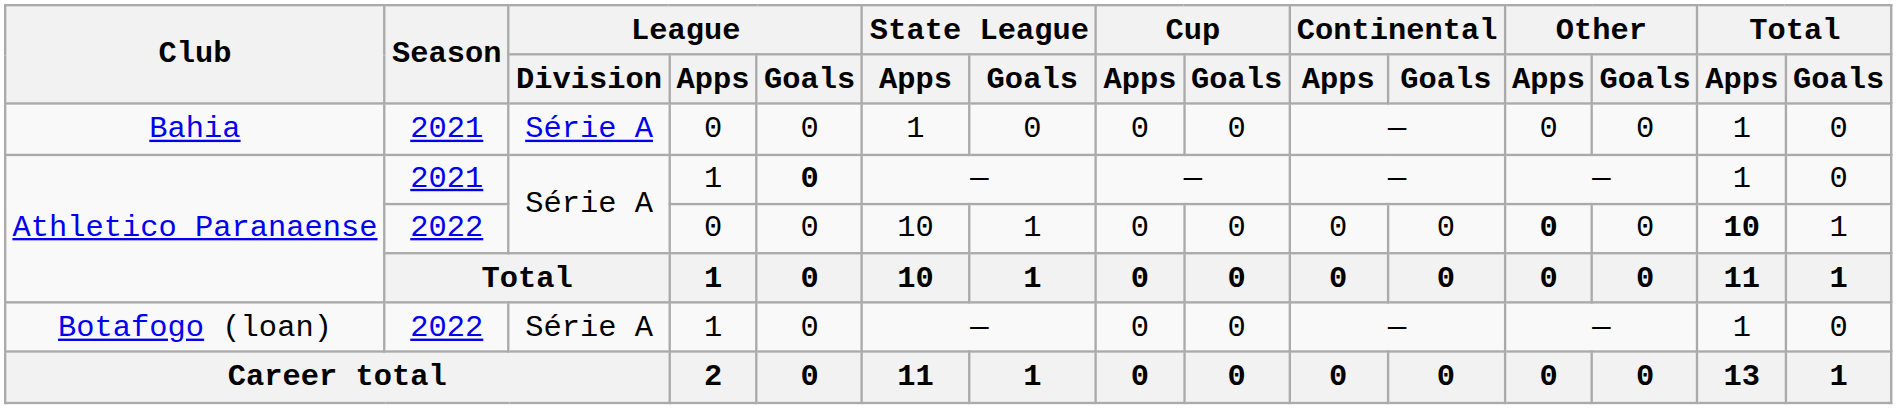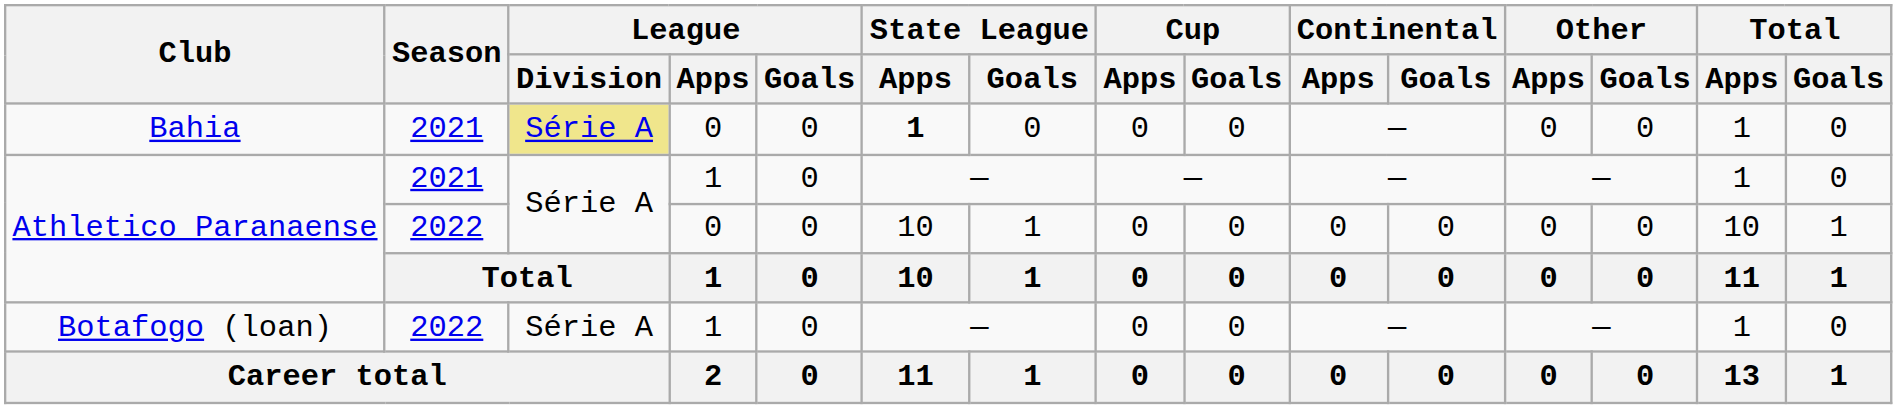 <table class="wikitable" style="text-align: center">
 <tr>
 <th rowspan="2">Club</th>
 <th rowspan="2">Season</th>
 <th colspan="3">League</th>
 <th colspan="2">State League</th>
 <th colspan="2">Cup</th>
 <th colspan="2">Continental</th>
 <th colspan="2">Other</th>
 <th colspan="2">Total</th>
 </tr>
 <tr>
 <th>Division</th>
 <th>Apps</th>
 <th>Goals</th>
 <th>Apps</th>
 <th>Goals</th>
 <th>Apps</th>
 <th>Goals</th>
 <th>Apps</th>
 <th>Goals</th>
 <th>Apps</th>
 <th>Goals</th>
 <th>Apps</th>
 <th>Goals</th>
 </tr>
 <tr>
 <td><a href='#'>Bahia</a></td>
 <td><a href='#'>2021</a></td>
-<td><a href='#'>Série A</a></td>
+<td style="background: khaki;"><a href='#'>Série A</a></td>
 <td>0</td>
 <td>0</td>
-<td>1</td>
+<td><strong>1</strong></td>
 <td>0</td>
 <td>0</td>
 <td>0</td>
 <td colspan="2">—</td>
 <td>0</td>
 <td>0</td>
 <td>1</td>
 <td>0</td>
 </tr>
 <tr>
 <td rowspan="3"><a href='#'>Athletico Paranaense</a></td>
 <td><a href='#'>2021</a></td>
 <td rowspan="2">Série A</td>
 <td>1</td>
-<td><strong>0</strong></td>
+<td>0</td>
 <td colspan="2">—</td>
 <td colspan="2">—</td>
 <td colspan="2">—</td>
 <td colspan="2">—</td>
 <td>1</td>
 <td>0</td>
 </tr>
 <tr>
 <td><a href='#'>2022</a></td>
 <td>0</td>
 <td>0</td>
 <td>10</td>
 <td>1</td>
 <td>0</td>
 <td>0</td>
 <td>0</td>
 <td>0</td>
-<td><strong>0</strong></td>
 <td>0</td>
-<td><strong>10</strong></td>
+<td>0</td>
+<td>10</td>
 <td>1</td>
 </tr>
 <tr>
 <th colspan="2">Total</th>
 <th>1</th>
 <th>0</th>
 <th>10</th>
 <th>1</th>
 <th>0</th>
 <th>0</th>
 <th>0</th>
 <th>0</th>
 <th>0</th>
 <th>0</th>
 <th>11</th>
 <th>1</th>
 </tr>
 <tr>
 <td><a href='#'>Botafogo</a> (loan)</td>
 <td><a href='#'>2022</a></td>
 <td>Série A</td>
 <td>1</td>
 <td>0</td>
 <td colspan="2">—</td>
 <td>0</td>
 <td>0</td>
 <td colspan="2">—</td>
 <td colspan="2">—</td>
 <td>1</td>
 <td>0</td>
 </tr>
 <tr>
 <th colspan="3"><strong>Career total</strong></th>
 <th>2</th>
 <th>0</th>
 <th>11</th>
 <th>1</th>
 <th>0</th>
 <th>0</th>
 <th>0</th>
 <th>0</th>
 <th>0</th>
 <th>0</th>
 <th>13</th>
 <th>1</th>
 </tr>
 </table>
